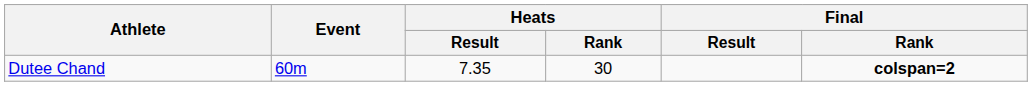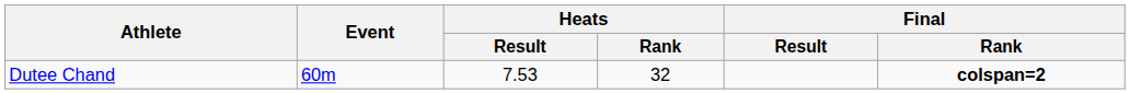 <table class="wikitable" style="font-size:95%; width:75%">
 <tr>
 <th rowspan="2">Athlete</th>
 <th rowspan="2">Event</th>
 <th colspan="2">Heats</th>
 <th colspan="2">Final</th>
 </tr>
 <tr style="font-size:95%">
 <th>Result</th>
 <th>Rank</th>
 <th>Result</th>
 <th>Rank</th>
 </tr>
 <tr style="text-align:center">
 <td style="text-align:left"><a href='#'>Dutee Chand</a></td>
 <td style="text-align:left"><a href='#'>60m</a></td>
-<td>7.35</td>
-<td>30</td>
+<td>7.53</td>
+<td>32</td>
 <td></td>
 <td><strong>colspan=2 </strong></td>
 </tr>
 </table>
